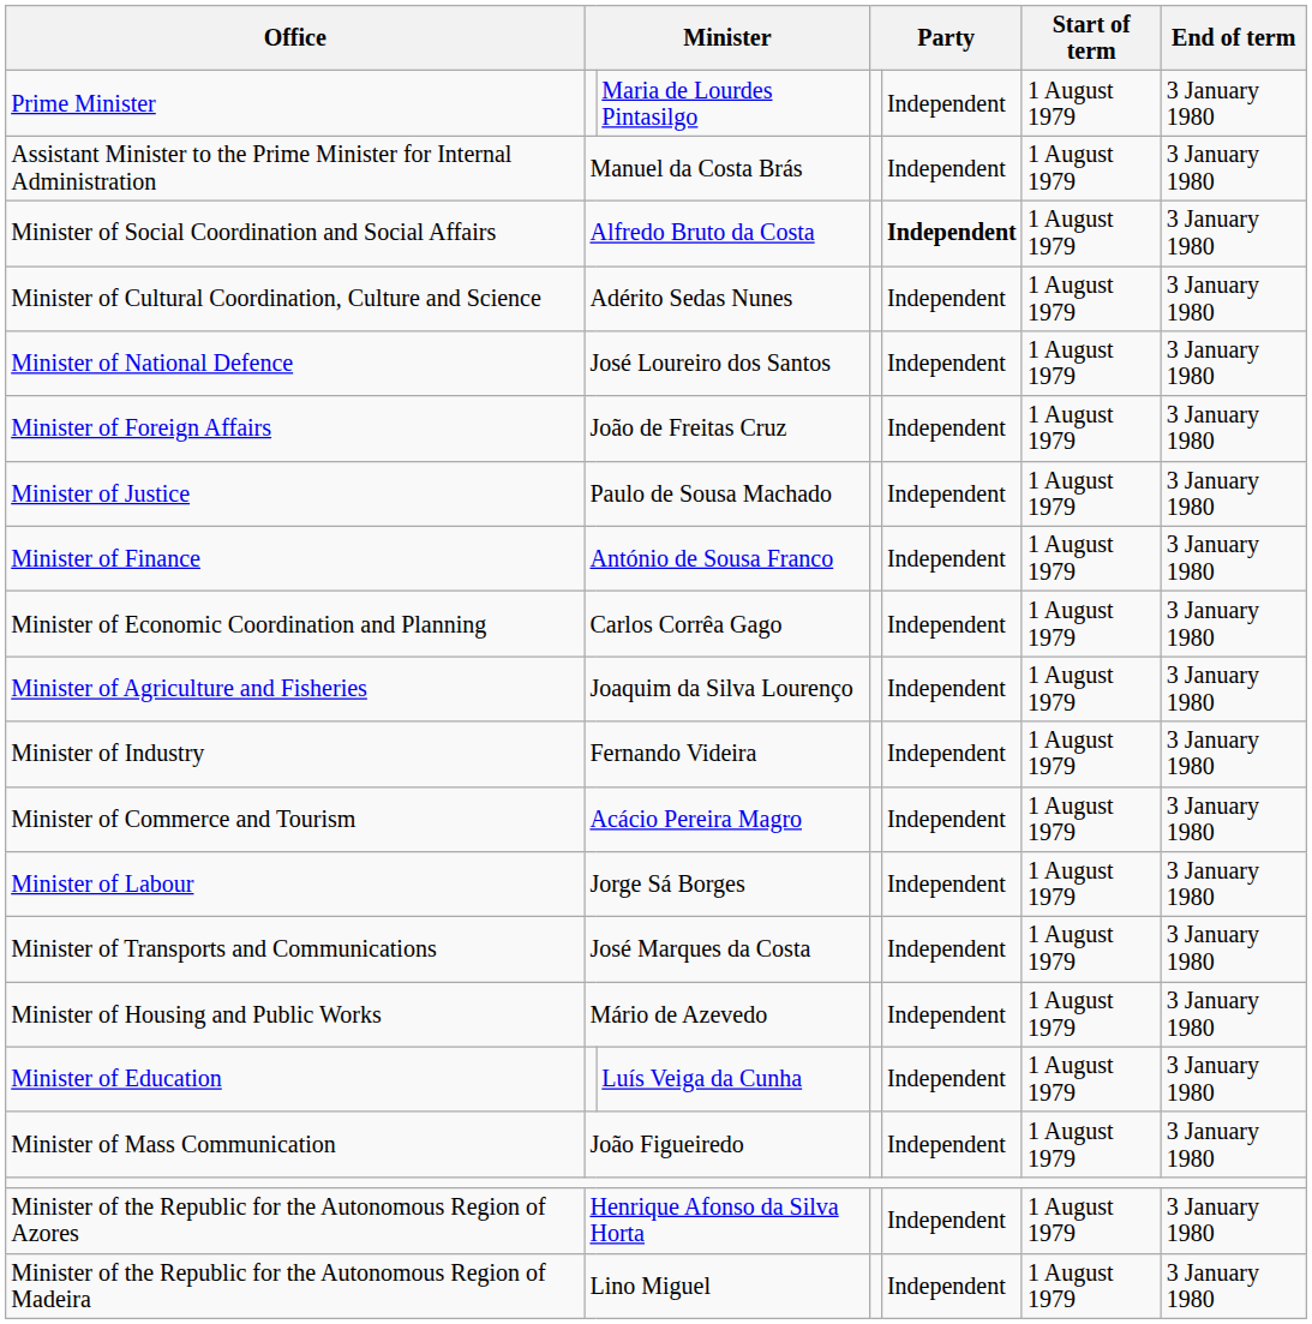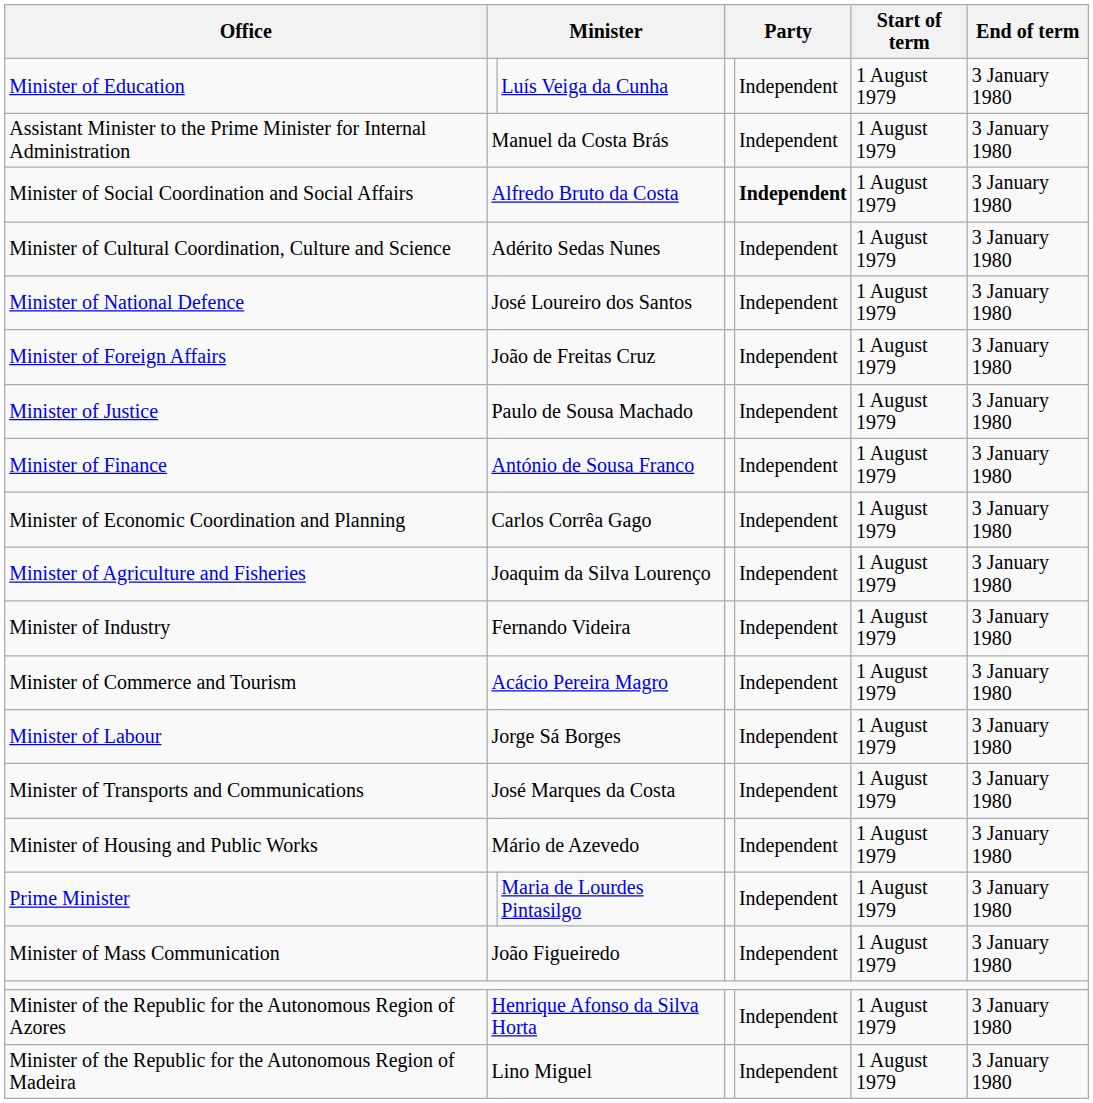 <table class="wikitable">
 <tr>
 <th>Office</th>
 <th colspan="2">Minister</th>
 <th colspan="2">Party</th>
 <th>Start of term</th>
 <th>End of term</th>
 </tr>
 <tr>
-<td><a href='#'>Prime Minister</a></td>
+<td><a href='#'>Minister of Education</a></td>
 <td></td>
-<td><a href='#'>Maria de Lourdes Pintasilgo</a></td>
+<td><a href='#'>Luís Veiga da Cunha</a></td>
 <td style="background:"></td>
 <td>Independent</td>
 <td>1 August 1979</td>
 <td>3 January 1980</td>
 </tr>
 <tr>
 <td>Assistant Minister to the Prime Minister for Internal Administration</td>
 <td colspan="2">Manuel da Costa Brás</td>
 <td style="background:"></td>
 <td>Independent</td>
 <td>1 August 1979</td>
 <td>3 January 1980</td>
 </tr>
 <tr>
 <td>Minister of Social Coordination and Social Affairs</td>
 <td colspan="2"><a href='#'>Alfredo Bruto da Costa</a></td>
 <td style="background:"></td>
 <td><strong>Independent</strong></td>
 <td>1 August 1979</td>
 <td>3 January 1980</td>
 </tr>
 <tr>
 <td>Minister of Cultural Coordination, Culture and Science</td>
 <td colspan="2">Adérito Sedas Nunes</td>
 <td style="background:"></td>
 <td>Independent</td>
 <td>1 August 1979</td>
 <td>3 January 1980</td>
 </tr>
 <tr>
 <td><a href='#'>Minister of National Defence</a></td>
 <td colspan="2">José Loureiro dos Santos</td>
 <td style="background:"></td>
 <td>Independent</td>
 <td>1 August 1979</td>
 <td>3 January 1980</td>
 </tr>
 <tr>
 <td><a href='#'>Minister of Foreign Affairs</a></td>
 <td colspan="2">João de Freitas Cruz</td>
 <td style="background:"></td>
 <td>Independent</td>
 <td>1 August 1979</td>
 <td>3 January 1980</td>
 </tr>
 <tr>
 <td><a href='#'>Minister of Justice</a></td>
 <td colspan="2">Paulo de Sousa Machado</td>
 <td style="background:"></td>
 <td>Independent</td>
 <td>1 August 1979</td>
 <td>3 January 1980</td>
 </tr>
 <tr>
 <td><a href='#'>Minister of Finance</a></td>
 <td colspan="2"><a href='#'>António de Sousa Franco</a></td>
 <td style="background:"></td>
 <td>Independent</td>
 <td>1 August 1979</td>
 <td>3 January 1980</td>
 </tr>
 <tr>
 <td>Minister of Economic Coordination and Planning</td>
 <td colspan="2">Carlos Corrêa Gago</td>
 <td style="background:"></td>
 <td>Independent</td>
 <td>1 August 1979</td>
 <td>3 January 1980</td>
 </tr>
 <tr>
 <td><a href='#'>Minister of Agriculture and Fisheries</a></td>
 <td colspan="2">Joaquim da Silva Lourenço</td>
 <td style="background:"></td>
 <td>Independent</td>
 <td>1 August 1979</td>
 <td>3 January 1980</td>
 </tr>
 <tr>
 <td>Minister of Industry</td>
 <td colspan="2">Fernando Videira</td>
 <td style="background:"></td>
 <td>Independent</td>
 <td>1 August 1979</td>
 <td>3 January 1980</td>
 </tr>
 <tr>
 <td>Minister of Commerce and Tourism</td>
 <td colspan="2"><a href='#'>Acácio Pereira Magro</a></td>
 <td style="background:"></td>
 <td>Independent</td>
 <td>1 August 1979</td>
 <td>3 January 1980</td>
 </tr>
 <tr>
 <td><a href='#'>Minister of Labour</a></td>
 <td colspan="2">Jorge Sá Borges</td>
 <td style="background:"></td>
 <td>Independent</td>
 <td>1 August 1979</td>
 <td>3 January 1980</td>
 </tr>
 <tr>
 <td>Minister of Transports and Communications</td>
 <td colspan="2">José Marques da Costa</td>
 <td style="background:"></td>
 <td>Independent</td>
 <td>1 August 1979</td>
 <td>3 January 1980</td>
 </tr>
 <tr>
 <td>Minister of Housing and Public Works</td>
 <td colspan="2">Mário de Azevedo</td>
 <td style="background:"></td>
 <td>Independent</td>
 <td>1 August 1979</td>
 <td>3 January 1980</td>
 </tr>
 <tr>
-<td><a href='#'>Minister of Education</a></td>
+<td><a href='#'>Prime Minister</a></td>
 <td></td>
-<td><a href='#'>Luís Veiga da Cunha</a></td>
+<td><a href='#'>Maria de Lourdes Pintasilgo</a></td>
 <td style="background:"></td>
 <td>Independent</td>
 <td>1 August 1979</td>
 <td>3 January 1980</td>
 </tr>
 <tr>
 <td>Minister of Mass Communication</td>
 <td colspan="2">João Figueiredo</td>
 <td style="background:"></td>
 <td>Independent</td>
 <td>1 August 1979</td>
 <td>3 January 1980</td>
 </tr>
 <tr>
 <td colspan="7"></td>
 </tr>
 <tr>
 <td>Minister of the Republic for the Autonomous Region of Azores</td>
 <td colspan="2"><a href='#'>Henrique Afonso da Silva Horta</a></td>
 <td style="background:"></td>
 <td>Independent</td>
 <td>1 August 1979</td>
 <td>3 January 1980</td>
 </tr>
 <tr>
 <td>Minister of the Republic for the Autonomous Region of Madeira</td>
 <td colspan="2">Lino Miguel</td>
 <td style="background:"></td>
 <td>Independent</td>
 <td>1 August 1979</td>
 <td>3 January 1980</td>
 </tr>
 </table>
